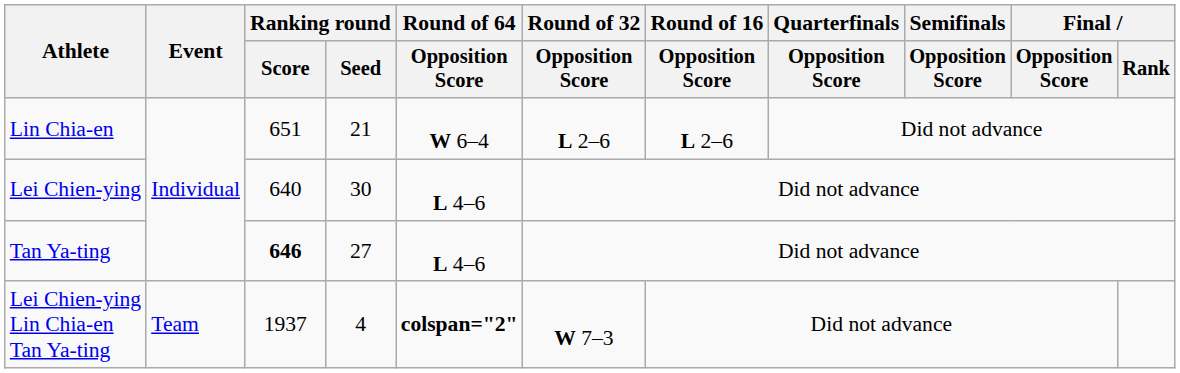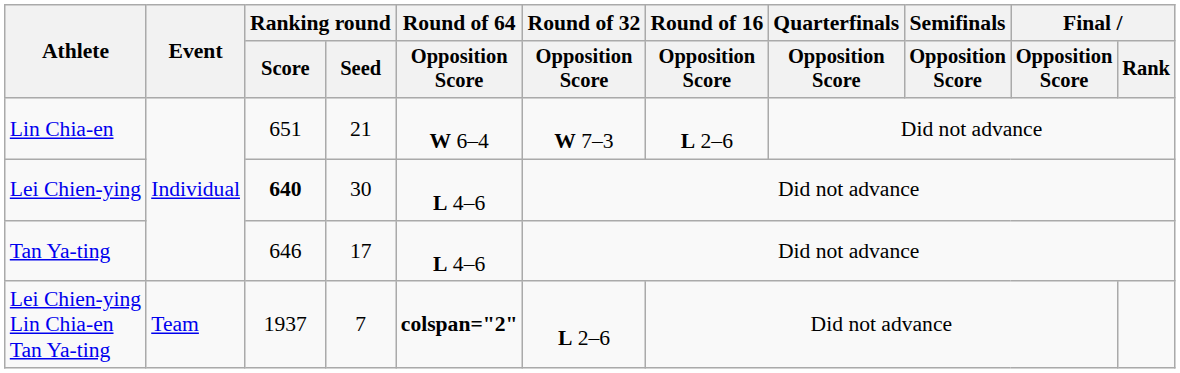 <table class="wikitable" style="font-size:90%; text-align:center">
 <tr>
 <th rowspan="2">Athlete</th>
 <th rowspan="2">Event</th>
 <th colspan="2">Ranking round</th>
 <th>Round of 64</th>
 <th>Round of 32</th>
 <th>Round of 16</th>
 <th>Quarterfinals</th>
 <th>Semifinals</th>
 <th colspan="2">Final / </th>
 </tr>
 <tr style="font-size:95%">
 <th>Score</th>
 <th>Seed</th>
 <th>Opposition<br>Score</th>
 <th>Opposition<br>Score</th>
 <th>Opposition<br>Score</th>
 <th>Opposition<br>Score</th>
 <th>Opposition<br>Score</th>
 <th>Opposition<br>Score</th>
 <th>Rank</th>
 </tr>
 <tr>
 <td align="left"><a href='#'>Lin Chia-en</a></td>
 <td align="left" rowspan="3"><a href='#'>Individual</a></td>
 <td>651</td>
 <td>21</td>
 <td><br><strong>W</strong> 6–4</td>
-<td><br><strong>L</strong> 2–6</td>
+<td><br><strong>W</strong> 7–3</td>
 <td><br> <strong>L</strong> 2–6</td>
 <td colspan=4>Did not advance</td>
 </tr>
 <tr>
 <td align="left"><a href='#'>Lei Chien-ying</a></td>
-<td>640</td>
+<td><strong>640</strong></td>
 <td>30</td>
 <td><br><strong>L</strong> 4–6</td>
 <td colspan="6">Did not advance</td>
 </tr>
 <tr>
 <td align="left"><a href='#'>Tan Ya-ting</a></td>
-<td><strong>646</strong></td>
-<td>27</td>
+<td>646</td>
+<td>17</td>
 <td><br><strong>L</strong> 4–6</td>
 <td colspan="6">Did not advance</td>
 </tr>
 <tr>
 <td align="left"><a href='#'>Lei Chien-ying</a><br><a href='#'>Lin Chia-en</a><br><a href='#'>Tan Ya-ting</a></td>
 <td align="left"><a href='#'>Team</a></td>
 <td>1937</td>
-<td>4</td>
+<td>7</td>
 <td><strong>colspan="2" </strong></td>
-<td><br><strong>W</strong> 7–3</td>
+<td><br><strong>L</strong> 2–6</td>
 <td colspan=4>Did not advance</td>
 </tr>
 </table>
